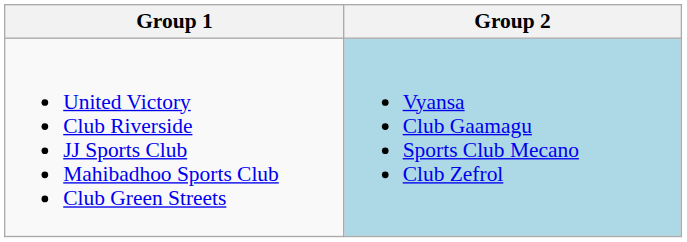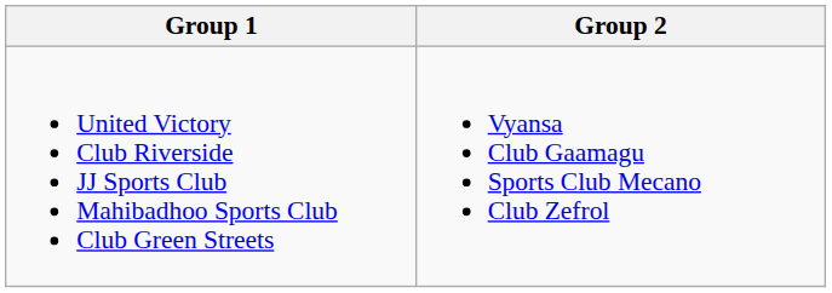 <table class="wikitable" width=40%>
 <tr>
 <th width=25%>Group 1</th>
 <th width=25%>Group 2</th>
 </tr>
 <tr>
 <td valign=top><br><ul><li><a href='#'>United Victory</a></li><li><a href='#'>Club Riverside</a></li><li><a href='#'>JJ Sports Club</a></li><li><a href='#'>Mahibadhoo Sports Club</a></li><li><a href='#'>Club Green Streets</a></li></ul></td>
-<td valign=top style="background: lightblue;"><br><ul><li><a href='#'>Vyansa</a></li><li><a href='#'>Club Gaamagu</a></li><li><a href='#'>Sports Club Mecano</a></li><li><a href='#'>Club Zefrol</a></li></ul></td>
+<td valign=top><br><ul><li><a href='#'>Vyansa</a></li><li><a href='#'>Club Gaamagu</a></li><li><a href='#'>Sports Club Mecano</a></li><li><a href='#'>Club Zefrol</a></li></ul></td>
 </tr>
 </table>
